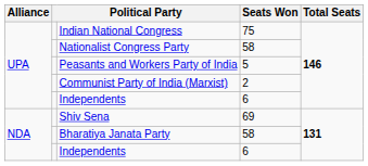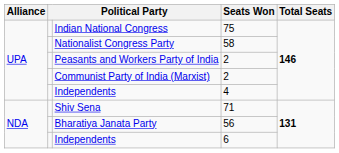 <table class="wikitable">
 <tr>
 <th>Alliance</th>
 <th colspan="2">Political Party</th>
 <th>Seats Won</th>
 <th>Total Seats</th>
 </tr>
 <tr>
 <td rowspan="5"><a href='#'>UPA</a></td>
 <td style="background-color:"></td>
 <td><a href='#'>Indian National Congress</a></td>
 <td>75</td>
 <td rowspan="5"><strong>146</strong></td>
 </tr>
 <tr>
 <td style="background-color:"></td>
 <td><a href='#'>Nationalist Congress Party</a></td>
 <td>58</td>
 </tr>
 <tr>
 <td style="background-color:"></td>
 <td><a href='#'>Peasants and Workers Party of India</a></td>
-<td>5</td>
+<td>2</td>
 </tr>
 <tr>
 <td style="background-color:"></td>
 <td><a href='#'>Communist Party of India (Marxist)</a></td>
 <td>2</td>
 </tr>
 <tr>
 <td style="background-color:"></td>
 <td><a href='#'>Independents</a></td>
-<td>6</td>
+<td>4</td>
 </tr>
 <tr>
 <td rowspan="3"><a href='#'>NDA</a></td>
 <td style="background-color:"></td>
 <td><a href='#'>Shiv Sena</a></td>
-<td>69</td>
+<td>71</td>
 <td rowspan="3"><strong>131</strong></td>
 </tr>
 <tr>
 <td style="background-color:"></td>
 <td><a href='#'>Bharatiya Janata Party</a></td>
-<td>58</td>
+<td>56</td>
 </tr>
 <tr>
 <td style="background-color:"></td>
 <td><a href='#'>Independents</a></td>
 <td>6</td>
 </tr>
 </table>
